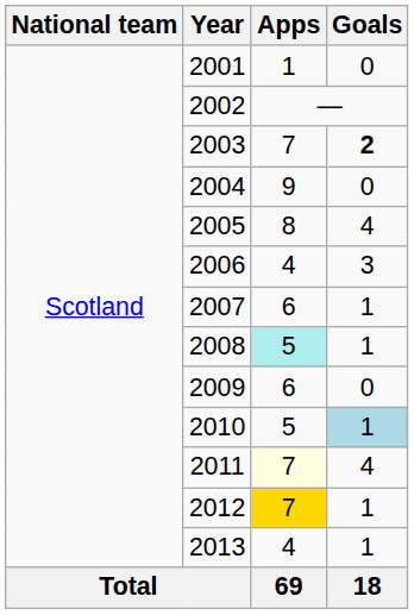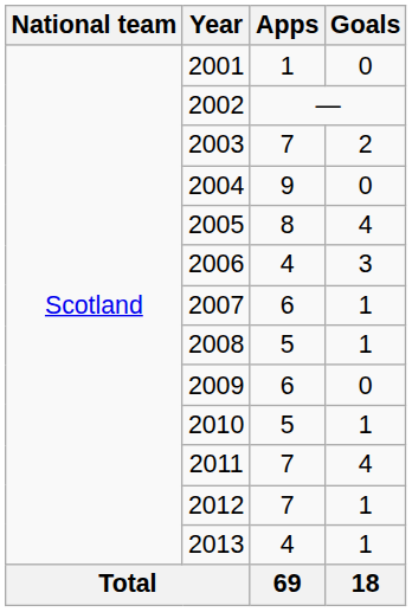 <table class="wikitable" style="text-align:center">
 <tr>
 <th>National team</th>
 <th>Year</th>
 <th>Apps</th>
 <th>Goals</th>
 </tr>
 <tr>
 <td rowspan="13"><a href='#'>Scotland</a></td>
 <td>2001</td>
 <td>1</td>
 <td>0</td>
 </tr>
 <tr>
 <td>2002</td>
 <td colspan="2">—</td>
 </tr>
 <tr>
 <td>2003</td>
 <td>7</td>
-<td><strong>2</strong></td>
+<td>2</td>
 </tr>
 <tr>
 <td>2004</td>
 <td>9</td>
 <td>0</td>
 </tr>
 <tr>
 <td>2005</td>
 <td>8</td>
 <td>4</td>
 </tr>
 <tr>
 <td>2006</td>
 <td>4</td>
 <td>3</td>
 </tr>
 <tr>
 <td>2007</td>
 <td>6</td>
 <td>1</td>
 </tr>
 <tr>
 <td>2008</td>
-<td style="background: paleturquoise;">5</td>
+<td>5</td>
 <td>1</td>
 </tr>
 <tr>
 <td>2009</td>
 <td>6</td>
 <td>0</td>
 </tr>
 <tr>
 <td>2010</td>
 <td>5</td>
-<td style="background: lightblue;">1</td>
+<td>1</td>
 </tr>
 <tr>
 <td>2011</td>
-<td style="background: lightyellow;">7</td>
+<td>7</td>
 <td>4</td>
 </tr>
 <tr>
 <td>2012</td>
-<td style="background: gold;">7</td>
+<td>7</td>
 <td>1</td>
 </tr>
 <tr>
 <td>2013</td>
 <td>4</td>
 <td>1</td>
 </tr>
 <tr>
 <th colspan="2">Total</th>
 <th>69</th>
 <th>18</th>
 </tr>
 </table>
